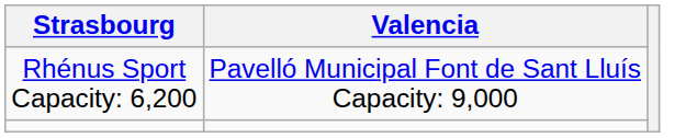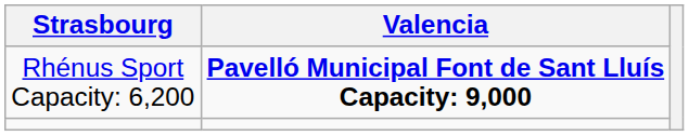 <table class="wikitable" style="text-align:center;">
 <tr>
 <th> <a href='#'>Strasbourg</a></th>
 <th> <a href='#'>Valencia</a></th>
 <th rowspan=9></th>
 </tr>
 <tr>
 <td><a href='#'>Rhénus Sport</a><br>Capacity: 6,200</td>
-<td><a href='#'>Pavelló Municipal Font de Sant Lluís</a><br>Capacity: 9,000</td>
+<td><strong><a href='#'>Pavelló Municipal Font de Sant Lluís</a><br>Capacity: 9,000</strong></td>
 </tr>
 <tr>
 <td></td>
 <td></td>
 </tr>
 </table>
